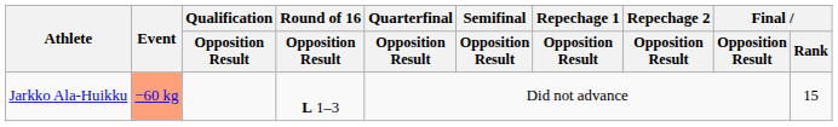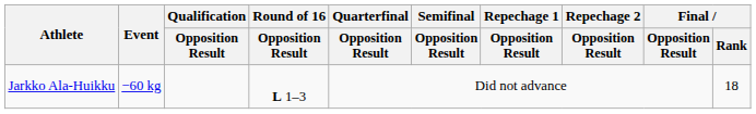 <table class="wikitable" style="font-size:90%">
 <tr>
 <th rowspan="2">Athlete</th>
 <th rowspan="2">Event</th>
 <th>Qualification</th>
 <th>Round of 16</th>
 <th>Quarterfinal</th>
 <th>Semifinal</th>
 <th>Repechage 1</th>
 <th>Repechage 2</th>
 <th colspan=2>Final / </th>
 </tr>
 <tr style="font-size: 95%">
 <th>Opposition<br>Result</th>
 <th>Opposition<br>Result</th>
 <th>Opposition<br>Result</th>
 <th>Opposition<br>Result</th>
 <th>Opposition<br>Result</th>
 <th>Opposition<br>Result</th>
 <th>Opposition<br>Result</th>
 <th>Rank</th>
 </tr>
 <tr align=center>
 <td align=left><a href='#'>Jarkko Ala-Huikku</a></td>
-<td align=left style="background: lightsalmon;"><a href='#'>−60 kg</a></td>
+<td align=left><a href='#'>−60 kg</a></td>
 <td></td>
 <td><br><strong>L</strong> 1–3 <sup></sup></td>
 <td colspan=5>Did not advance</td>
-<td>15</td>
+<td>18</td>
 </tr>
 </table>
